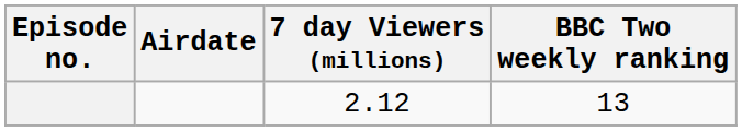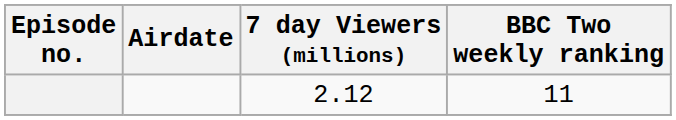 <table class="wikitable" style="text-align:center;">
 <tr>
 <th scope="col">Episode<br>no.</th>
 <th scope="col">Airdate</th>
 <th scope="col">7 day Viewers<br><small>(millions)</small></th>
 <th scope="col">BBC Two<br>weekly ranking</th>
 </tr>
 <tr>
 <th scope="row"></th>
 <td></td>
 <td>2.12</td>
-<td>13</td>
+<td>11</td>
 </tr>
 </table>
